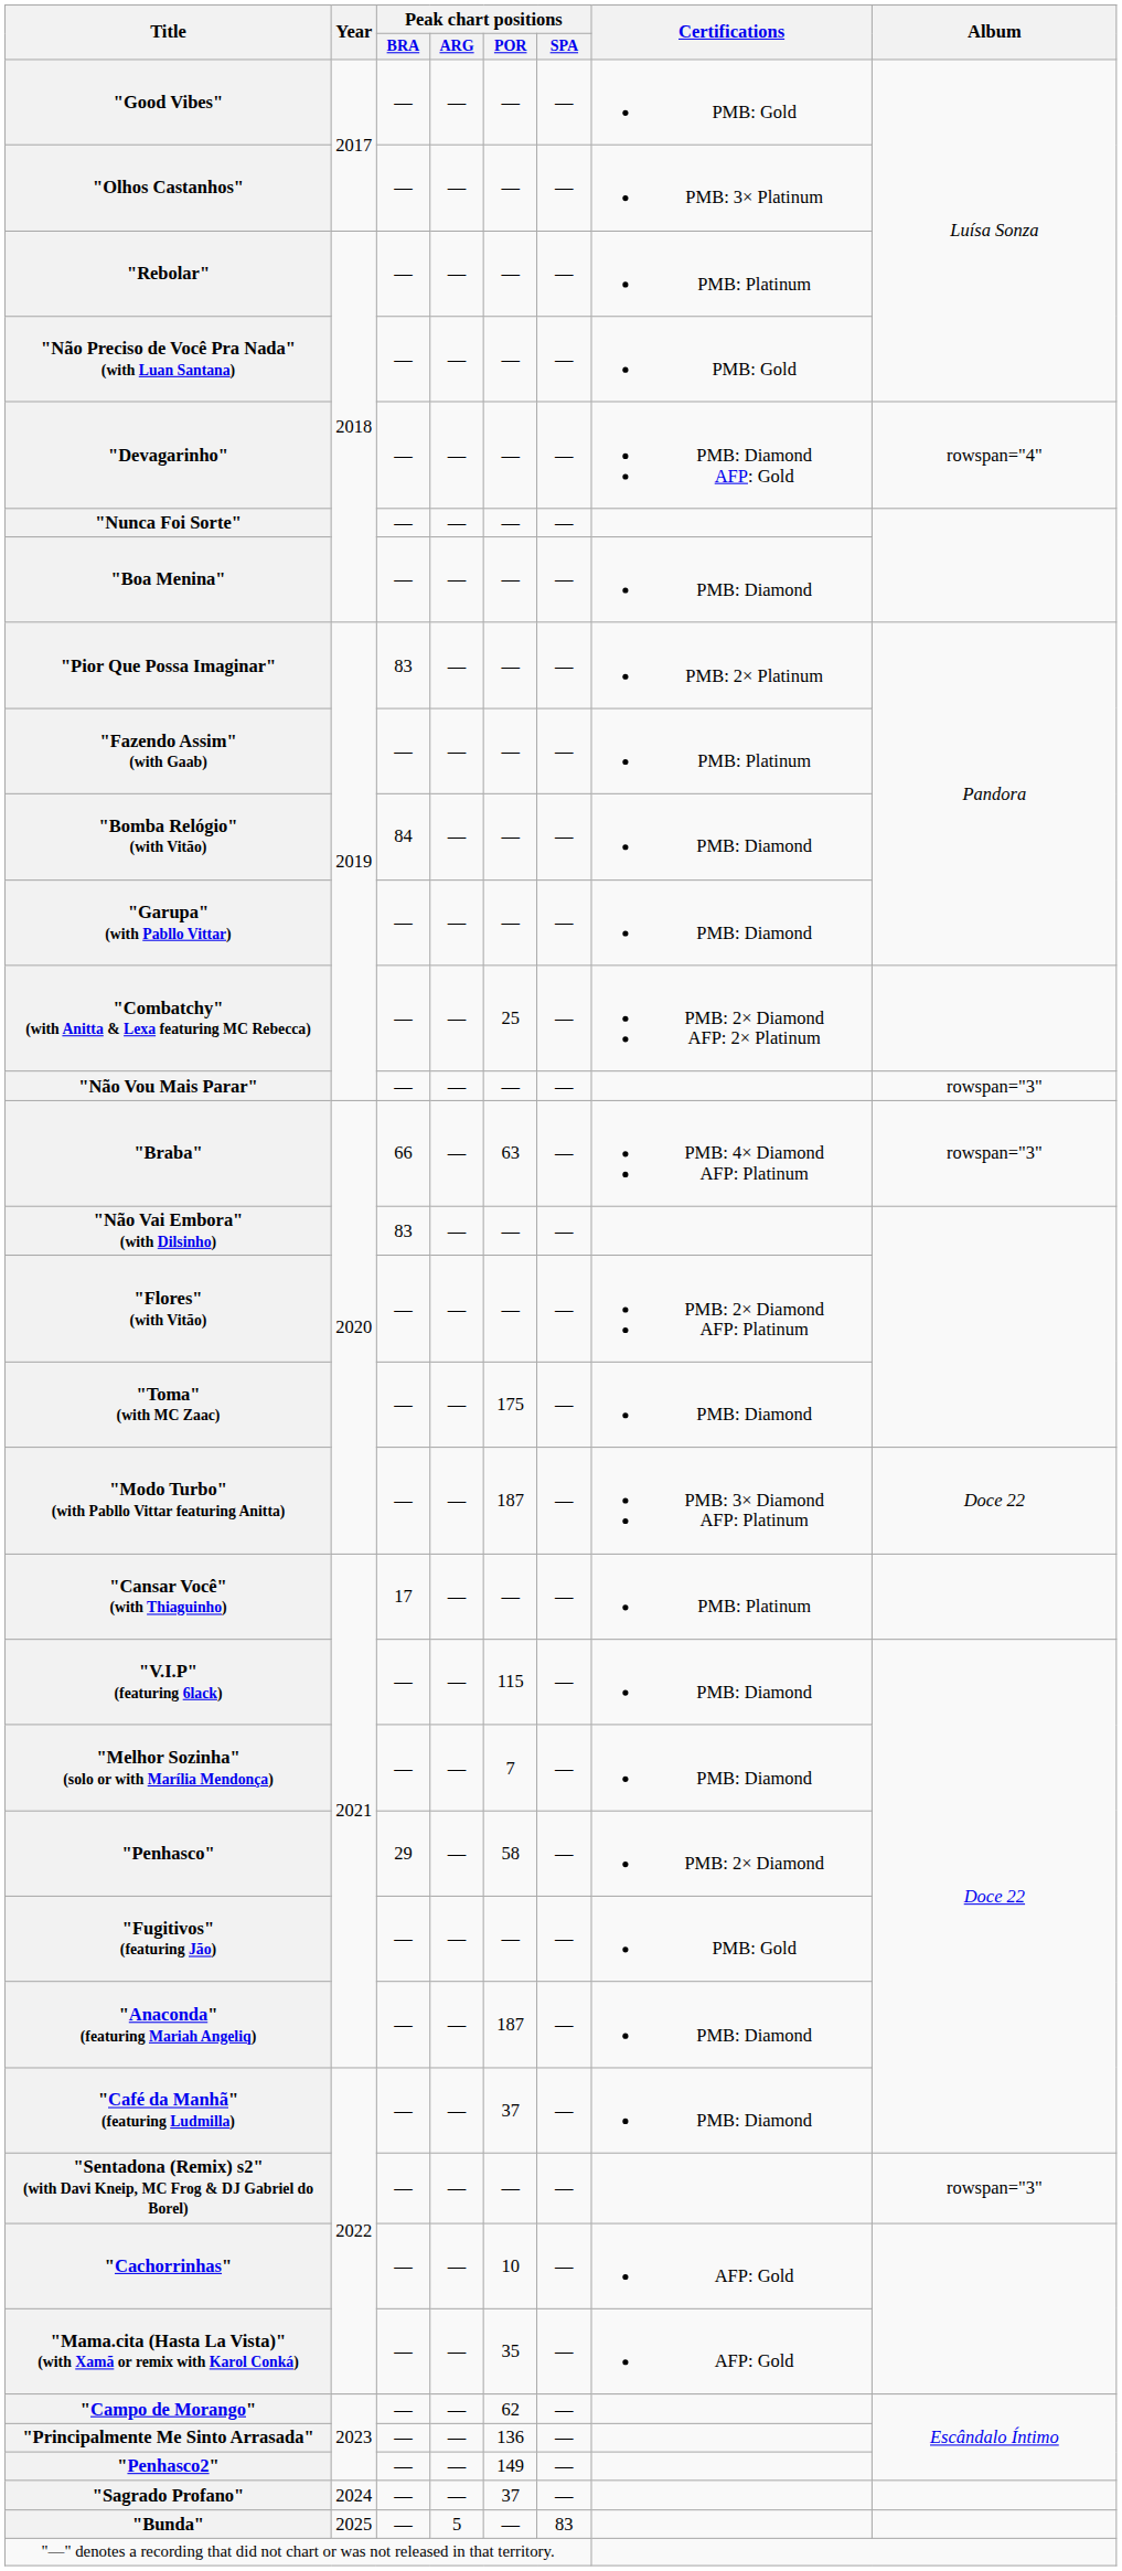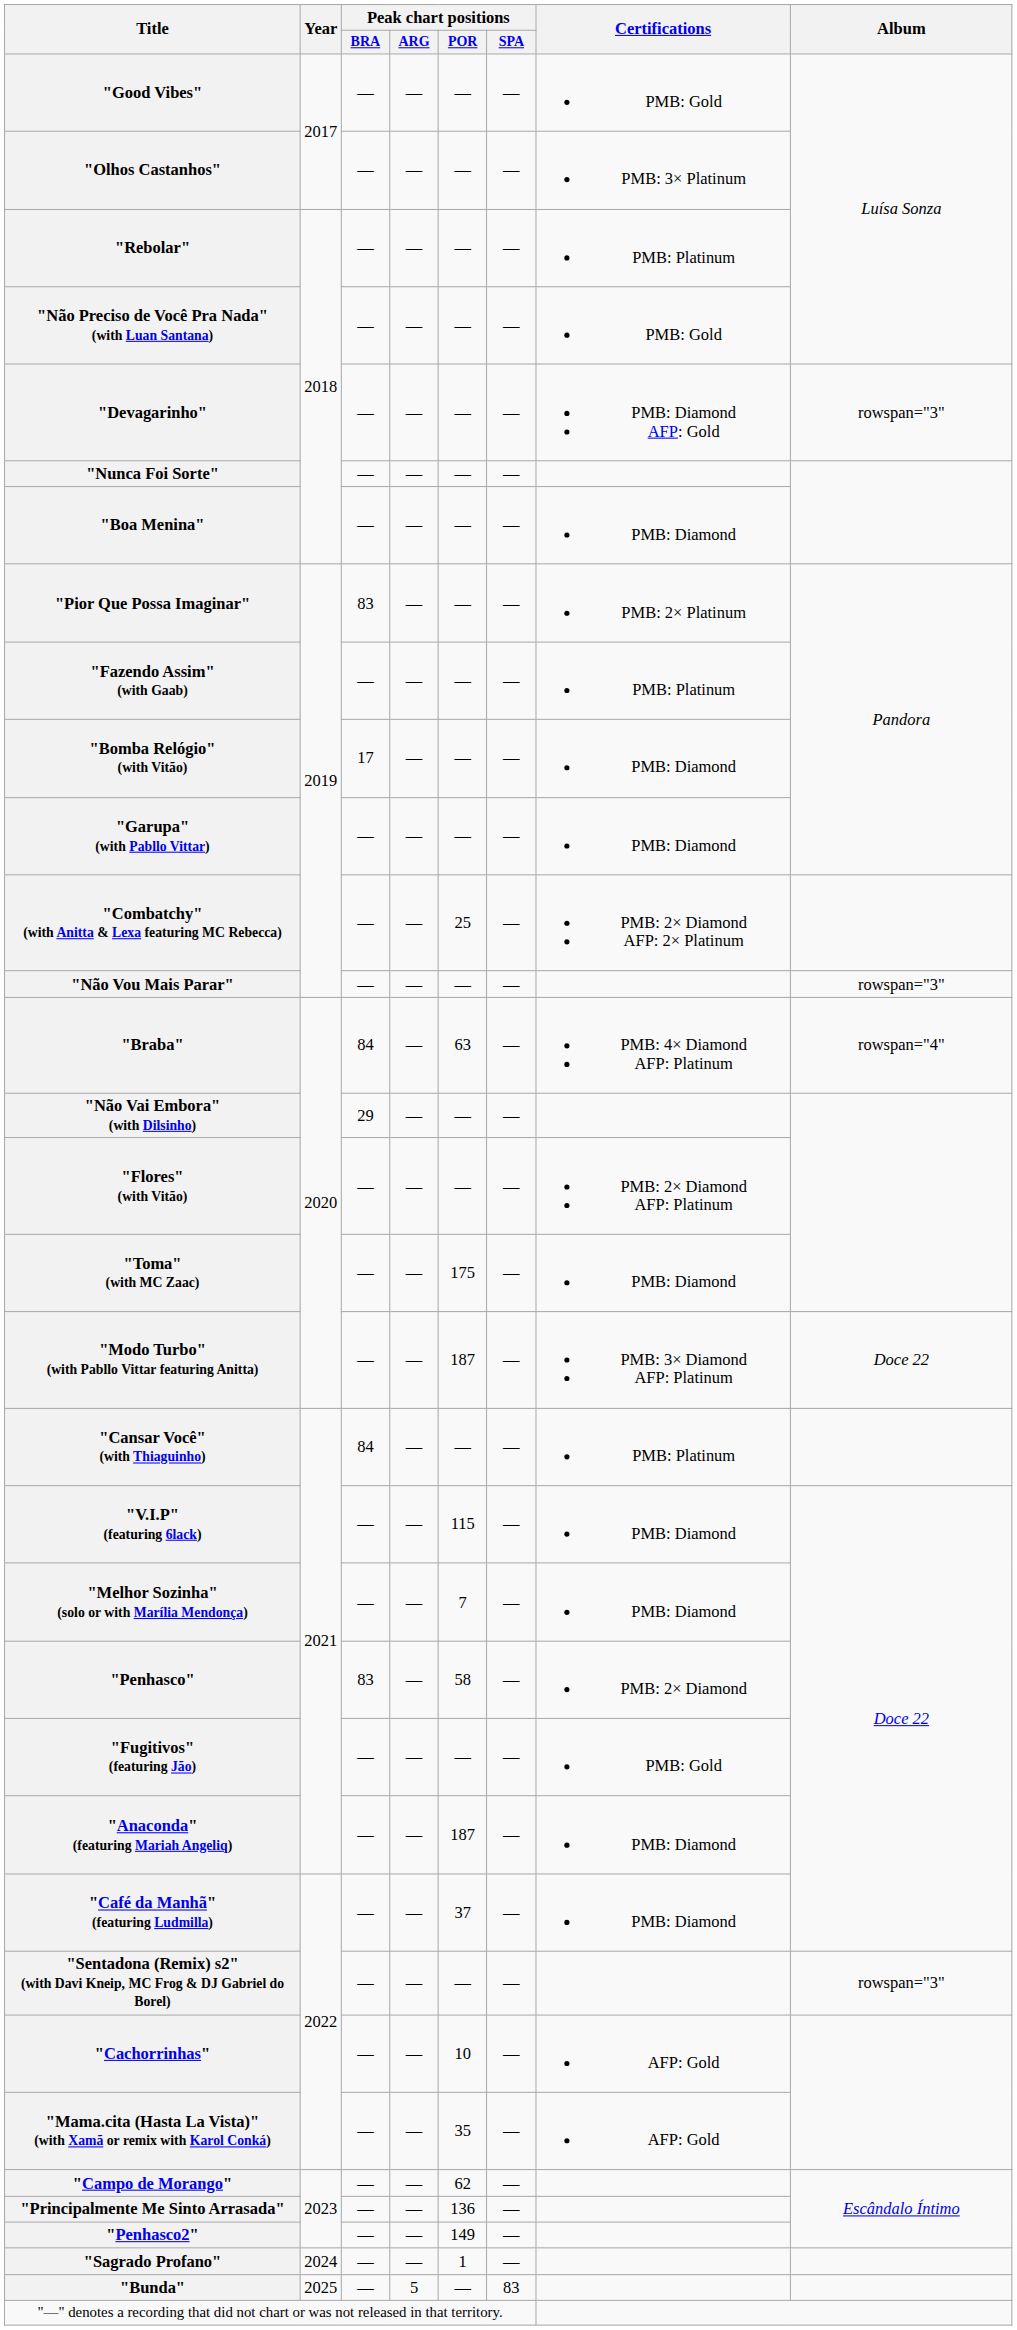 <table class="wikitable plainrowheaders" style="text-align:center;" border="1">
 <tr>
 <th scope="col" rowspan="2" style="width:17.5em;">Title</th>
 <th scope="col" rowspan="2" style="width:1em;">Year</th>
 <th scope="col" colspan="4">Peak chart positions</th>
 <th scope="col" rowspan="2" style="width:15em;"><a href='#'>Certifications</a></th>
 <th scope="col" rowspan="2" style="width:13em;">Album</th>
 </tr>
 <tr>
 <th scope="col" style="width:3em;font-size:85%;"><a href='#'>BRA</a><br></th>
 <th scope="col" style="width:3em;font-size:85%;"><a href='#'>ARG</a><br></th>
 <th scope="col" style="width:3em;font-size:85%;"><a href='#'>POR</a><br></th>
 <th scope="col" style="width:3em;font-size:85%;"><a href='#'>SPA</a><br></th>
 </tr>
 <tr>
 <th scope="row">"Good Vibes"</th>
 <td rowspan="2">2017</td>
 <td>—</td>
 <td>—</td>
 <td>—</td>
 <td>—</td>
 <td><br><ul><li>PMB: Gold</li></ul></td>
 <td rowspan="4"><em>Luísa Sonza</em></td>
 </tr>
 <tr>
 <th scope="row">"Olhos Castanhos"</th>
 <td>—</td>
 <td>—</td>
 <td>—</td>
 <td>—</td>
 <td><br><ul><li>PMB: 3× Platinum</li></ul></td>
 </tr>
 <tr>
 <th scope="row">"Rebolar"</th>
 <td rowspan="5">2018</td>
 <td>—</td>
 <td>—</td>
 <td>—</td>
 <td>—</td>
 <td><br><ul><li>PMB: Platinum</li></ul></td>
 </tr>
 <tr>
 <th scope="row">"Não Preciso de Você Pra Nada"<br><small>(with <a href='#'>Luan Santana</a>)</small></th>
 <td>—</td>
 <td>—</td>
 <td>—</td>
 <td>—</td>
 <td><br><ul><li>PMB: Gold</li></ul></td>
 </tr>
 <tr>
 <th scope="row">"Devagarinho"</th>
 <td>—</td>
 <td>—</td>
 <td>—</td>
 <td>—</td>
 <td><br><ul><li>PMB: Diamond</li><li><a href='#'>AFP</a>: Gold</li></ul></td>
-<td>rowspan="4" </td>
+<td>rowspan="3" </td>
 </tr>
 <tr>
 <th scope="row">"Nunca Foi Sorte"</th>
 <td>—</td>
 <td>—</td>
 <td>—</td>
 <td>—</td>
 <td></td>
 </tr>
 <tr>
 <th scope="row">"Boa Menina"</th>
 <td>—</td>
 <td>—</td>
 <td>—</td>
 <td>—</td>
 <td><br><ul><li>PMB: Diamond</li></ul></td>
 </tr>
 <tr>
 <th scope="row">"Pior Que Possa Imaginar"</th>
 <td rowspan="6">2019</td>
 <td>83</td>
 <td>—</td>
 <td>—</td>
 <td>—</td>
 <td><br><ul><li>PMB: 2× Platinum</li></ul></td>
 <td rowspan="4"><em>Pandora</em></td>
 </tr>
 <tr>
 <th scope="row">"Fazendo Assim"<br><small>(with Gaab)</small></th>
 <td>—</td>
 <td>—</td>
 <td>—</td>
 <td>—</td>
 <td><br><ul><li>PMB:  Platinum</li></ul></td>
 </tr>
 <tr>
 <th scope="row">"Bomba Relógio"<br><small>(with Vitão)</small></th>
-<td>84</td>
+<td>17</td>
 <td>—</td>
 <td>—</td>
 <td>—</td>
 <td><br><ul><li>PMB: Diamond</li></ul></td>
 </tr>
 <tr>
 <th scope="row">"Garupa"<br><small>(with <a href='#'>Pabllo Vittar</a>)</small></th>
 <td>—</td>
 <td>—</td>
 <td>—</td>
 <td>—</td>
 <td><br><ul><li>PMB: Diamond</li></ul></td>
 </tr>
 <tr>
 <th scope="row">"Combatchy"<br><small>(with <a href='#'>Anitta</a> & <a href='#'>Lexa</a> featuring MC Rebecca)</small></th>
 <td>—</td>
 <td>—</td>
 <td>25</td>
 <td>—</td>
 <td><br><ul><li>PMB: 2× Diamond</li><li>AFP: 2× Platinum</li></ul></td>
 <td></td>
 </tr>
 <tr>
 <th scope="row">"Não Vou Mais Parar"</th>
 <td>—</td>
 <td>—</td>
 <td>—</td>
 <td>—</td>
 <td></td>
 <td>rowspan="3" </td>
 </tr>
 <tr>
 <th scope="row">"Braba"</th>
 <td rowspan="5">2020</td>
-<td>66</td>
+<td>84</td>
 <td>—</td>
 <td>63</td>
 <td>—</td>
 <td><br><ul><li>PMB: 4× Diamond</li><li>AFP: Platinum</li></ul></td>
-<td>rowspan="3" </td>
+<td>rowspan="4" </td>
 </tr>
 <tr>
 <th scope="row">"Não Vai Embora"<br><small>(with <a href='#'>Dilsinho</a>)</small></th>
-<td>83</td>
+<td>29</td>
 <td>—</td>
 <td>—</td>
 <td>—</td>
 <td></td>
 </tr>
 <tr>
 <th scope="row">"Flores"<br><small>(with Vitão)</small></th>
 <td>—</td>
 <td>—</td>
 <td>—</td>
 <td>—</td>
 <td><br><ul><li>PMB: 2× Diamond</li><li>AFP: Platinum</li></ul></td>
 </tr>
 <tr>
 <th scope="row">"Toma"<br><small>(with MC Zaac)</small></th>
 <td>—</td>
 <td>—</td>
 <td>175</td>
 <td>—</td>
 <td><br><ul><li>PMB: Diamond</li></ul></td>
 </tr>
 <tr>
 <th scope="row">"Modo Turbo"<br><small>(with Pabllo Vittar featuring Anitta)</small></th>
 <td>—</td>
 <td>—</td>
 <td>187</td>
 <td>—</td>
 <td><br><ul><li>PMB: 3× Diamond</li><li>AFP: Platinum</li></ul></td>
 <td><em>Doce 22</em></td>
 </tr>
 <tr>
 <th scope="row">"Cansar Você"<br><small>(with <a href='#'>Thiaguinho</a>)</small></th>
 <td rowspan="6">2021</td>
-<td>17</td>
+<td>84</td>
 <td>—</td>
 <td>—</td>
 <td>—</td>
 <td><br><ul><li>PMB: Platinum</li></ul></td>
 <td></td>
 </tr>
 <tr>
 <th scope="row">"V.I.P"<br><small>(featuring <a href='#'>6lack</a>)</small></th>
 <td>—</td>
 <td>—</td>
 <td>115</td>
 <td>—</td>
 <td><br><ul><li>PMB: Diamond</li></ul></td>
 <td rowspan="6"><em><a href='#'>Doce 22</a></em></td>
 </tr>
 <tr>
 <th scope="row">"Melhor Sozinha"<br><small>(solo or with <a href='#'>Marília Mendonça</a>)</small></th>
 <td>—</td>
 <td>—</td>
 <td>7</td>
 <td>—</td>
 <td><br><ul><li>PMB: Diamond</li></ul></td>
 </tr>
 <tr>
 <th scope="row">"Penhasco"</th>
-<td>29</td>
+<td>83</td>
 <td>—</td>
 <td>58</td>
 <td>—</td>
 <td><br><ul><li>PMB: 2× Diamond</li></ul></td>
 </tr>
 <tr>
 <th scope="row">"Fugitivos"<br><small>(featuring <a href='#'>Jão</a>)</small></th>
 <td>—</td>
 <td>—</td>
 <td>—</td>
 <td>—</td>
 <td><br><ul><li>PMB: Gold</li></ul></td>
 </tr>
 <tr>
 <th scope="row">"<a href='#'>Anaconda</a>"<br><small>(featuring <a href='#'>Mariah Angeliq</a>)</small></th>
 <td>—</td>
 <td>—</td>
 <td>187</td>
 <td>—</td>
 <td><br><ul><li>PMB: Diamond</li></ul></td>
 </tr>
 <tr>
 <th scope="row">"<a href='#'>Café da Manhã</a>"<br><small>(featuring <a href='#'>Ludmilla</a>)</small></th>
 <td rowspan="4">2022</td>
 <td>—</td>
 <td>—</td>
 <td>37</td>
 <td>—</td>
 <td><br><ul><li>PMB: Diamond</li></ul></td>
 </tr>
 <tr>
 <th scope="row">"Sentadona (Remix) s2"<br><small>(with Davi Kneip, MC Frog & DJ Gabriel do Borel)</small></th>
 <td>—</td>
 <td>—</td>
 <td>—</td>
 <td>—</td>
 <td></td>
 <td>rowspan="3" </td>
 </tr>
 <tr>
 <th scope="row">"<a href='#'>Cachorrinhas</a>"</th>
 <td>—</td>
 <td>—</td>
 <td>10</td>
 <td>—</td>
 <td><br><ul><li>AFP: Gold</li></ul></td>
 </tr>
 <tr>
 <th scope="row">"Mama.cita (Hasta La Vista)"<br><small>(with <a href='#'>Xamã</a> or remix with <a href='#'>Karol Conká</a>)</small></th>
 <td>—</td>
 <td>—</td>
 <td>35</td>
 <td>—</td>
 <td><br><ul><li>AFP: Gold</li></ul></td>
 </tr>
 <tr>
 <th scope="row">"<a href='#'>Campo de Morango</a>"</th>
 <td rowspan="3">2023</td>
 <td>—</td>
 <td>—</td>
 <td>62</td>
 <td>—</td>
 <td></td>
 <td rowspan="3"><em><a href='#'>Escândalo Íntimo</a></em></td>
 </tr>
 <tr>
 <th scope="row">"Principalmente Me Sinto Arrasada"</th>
 <td>—</td>
 <td>—</td>
 <td>136</td>
 <td>—</td>
 <td></td>
 </tr>
 <tr>
 <th scope="row">"<a href='#'>Penhasco2</a>"<br></th>
 <td>—</td>
 <td>—</td>
 <td>149</td>
 <td>—</td>
 <td></td>
 </tr>
 <tr>
 <th scope="row">"Sagrado Profano"<br></th>
 <td>2024</td>
 <td>—</td>
 <td>—</td>
-<td>37</td>
+<td>1</td>
 <td>—</td>
 <td></td>
 <td></td>
 </tr>
 <tr>
 <th scope="row">"Bunda"<br></th>
 <td>2025</td>
 <td>—</td>
 <td>5</td>
 <td>—</td>
 <td>83</td>
 <td></td>
 <td></td>
 </tr>
 <tr>
 <td colspan="6" style="font-size:90%">"—" denotes a recording that did not chart or was not released in that territory.</td>
 </tr>
 </table>
